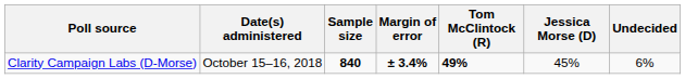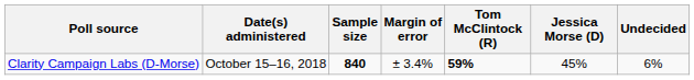 <table class="wikitable">
 <tr>
 <th>Poll source</th>
 <th>Date(s)<br>administered</th>
 <th>Sample<br>size</th>
 <th>Margin of<br>error</th>
 <th style="width:100px;">Tom<br>McClintock (R)</th>
 <th style="width:100px;">Jessica<br>Morse (D)</th>
 <th>Undecided</th>
 </tr>
 <tr>
 <td><a href='#'>Clarity Campaign Labs (D-Morse)</a></td>
 <td style="text-align:center">October 15–16, 2018</td>
 <td style="text-align:center"><strong>840</strong></td>
-<td style="text-align:center"><strong>± 3.4%</strong></td>
-<td style="background-color:"><strong>49%</strong></td>
+<td style="text-align:center">± 3.4%</td>
+<td style="background-color:"><strong>59%</strong></td>
 <td style="text-align:center">45%</td>
 <td style="text-align:center">6%</td>
 </tr>
 </table>
